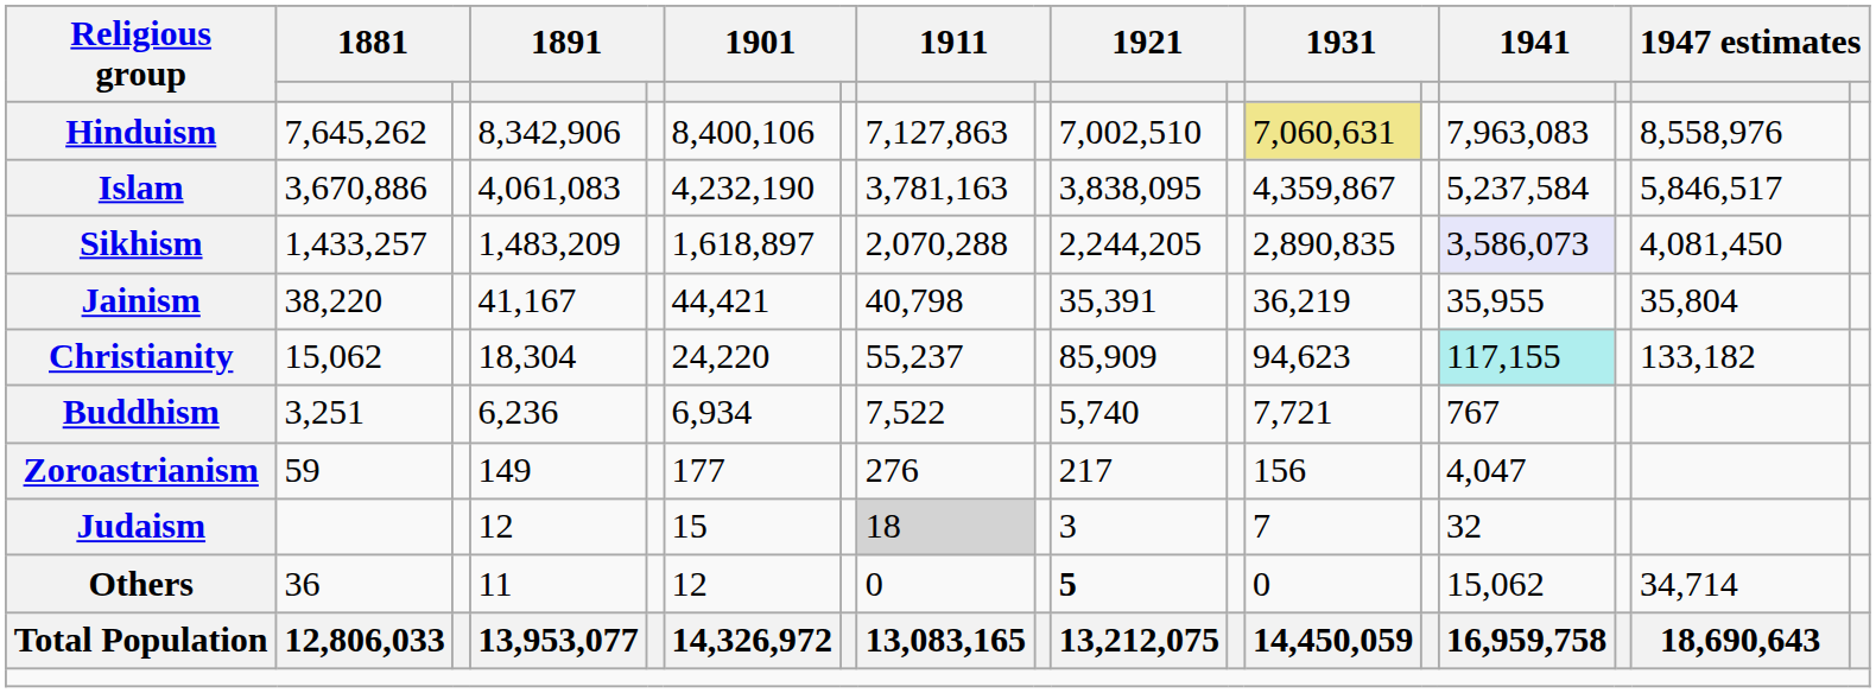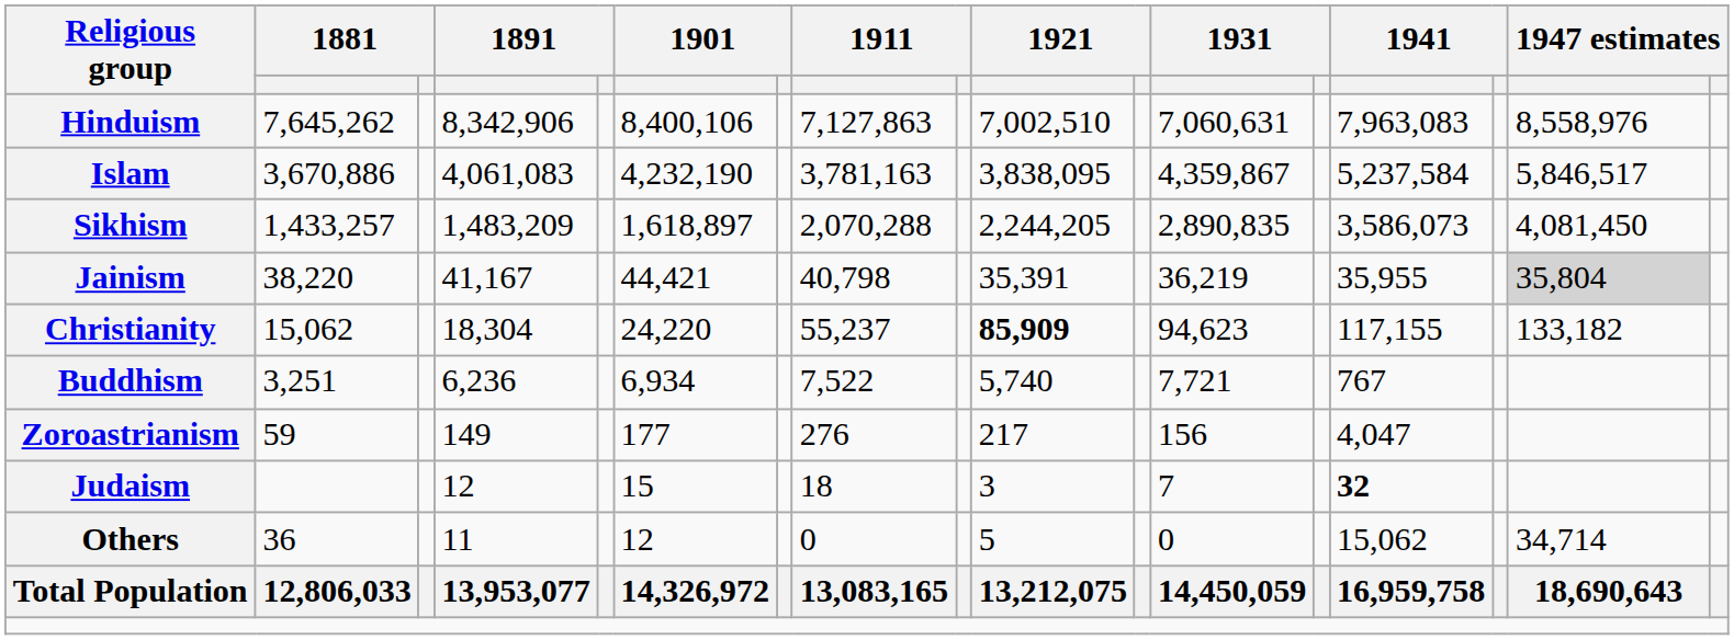 <table class="wikitable sortable">
 <tr>
 <th rowspan="2"><a href='#'>Religious</a><br>group</th>
 <th colspan="2">1881</th>
 <th colspan="2">1891</th>
 <th colspan="2">1901</th>
 <th colspan="2">1911</th>
 <th colspan="2">1921</th>
 <th colspan="2">1931</th>
 <th colspan="2">1941</th>
 <th colspan="2">1947 estimates</th>
 </tr>
 <tr>
 <th><a href='#'></a></th>
 <th></th>
 <th></th>
 <th></th>
 <th></th>
 <th></th>
 <th></th>
 <th></th>
 <th></th>
 <th></th>
 <th></th>
 <th></th>
 <th></th>
 <th></th>
 <th></th>
 <th></th>
 </tr>
 <tr>
 <th><a href='#'>Hinduism</a> </th>
 <td>7,645,262</td>
 <td></td>
 <td>8,342,906</td>
 <td></td>
 <td>8,400,106</td>
 <td></td>
 <td>7,127,863</td>
 <td></td>
 <td>7,002,510</td>
 <td></td>
-<td style="background: khaki;">7,060,631</td>
+<td>7,060,631</td>
 <td></td>
 <td>7,963,083</td>
 <td></td>
 <td>8,558,976</td>
 <td></td>
 </tr>
 <tr>
 <th><a href='#'>Islam</a> </th>
 <td>3,670,886</td>
 <td></td>
 <td>4,061,083</td>
 <td></td>
 <td>4,232,190</td>
 <td></td>
 <td>3,781,163</td>
 <td></td>
 <td>3,838,095</td>
 <td></td>
 <td>4,359,867</td>
 <td></td>
 <td>5,237,584</td>
 <td></td>
 <td>5,846,517</td>
 <td></td>
 </tr>
 <tr>
 <th><a href='#'>Sikhism</a> </th>
 <td>1,433,257</td>
 <td></td>
 <td>1,483,209</td>
 <td></td>
 <td>1,618,897</td>
 <td></td>
 <td>2,070,288</td>
 <td></td>
 <td>2,244,205</td>
 <td></td>
 <td>2,890,835</td>
 <td></td>
-<td style="background: lavender;">3,586,073</td>
+<td>3,586,073</td>
 <td></td>
 <td>4,081,450</td>
 <td></td>
 </tr>
 <tr>
 <th><a href='#'>Jainism</a> </th>
 <td>38,220</td>
 <td></td>
 <td>41,167</td>
 <td></td>
 <td>44,421</td>
 <td></td>
 <td>40,798</td>
 <td></td>
 <td>35,391</td>
 <td></td>
 <td>36,219</td>
 <td></td>
 <td>35,955</td>
 <td></td>
-<td>35,804</td>
+<td style="background: lightgrey;">35,804</td>
 <td></td>
 </tr>
 <tr>
 <th><a href='#'>Christianity</a> </th>
 <td>15,062</td>
 <td></td>
 <td>18,304</td>
 <td></td>
 <td>24,220</td>
 <td></td>
 <td>55,237</td>
 <td></td>
-<td>85,909</td>
+<td><strong>85,909</strong></td>
 <td></td>
 <td>94,623</td>
 <td></td>
-<td style="background: paleturquoise;">117,155</td>
+<td>117,155</td>
 <td></td>
 <td>133,182</td>
 <td></td>
 </tr>
 <tr>
 <th><a href='#'>Buddhism</a> </th>
 <td>3,251</td>
 <td></td>
 <td>6,236</td>
 <td></td>
 <td>6,934</td>
 <td></td>
 <td>7,522</td>
 <td></td>
 <td>5,740</td>
 <td></td>
 <td>7,721</td>
 <td></td>
 <td>767</td>
 <td></td>
 <td></td>
 <td></td>
 </tr>
 <tr>
 <th><a href='#'>Zoroastrianism</a> </th>
 <td>59</td>
 <td></td>
 <td>149</td>
 <td></td>
 <td>177</td>
 <td></td>
 <td>276</td>
 <td></td>
 <td>217</td>
 <td></td>
 <td>156</td>
 <td></td>
 <td>4,047</td>
 <td></td>
 <td></td>
 <td></td>
 </tr>
 <tr>
 <th><a href='#'>Judaism</a> </th>
 <td></td>
 <td></td>
 <td>12</td>
 <td></td>
 <td>15</td>
 <td></td>
-<td style="background: lightgrey;">18</td>
+<td>18</td>
 <td></td>
 <td>3</td>
 <td></td>
 <td>7</td>
 <td></td>
-<td>32</td>
+<td><strong>32</strong></td>
 <td></td>
 <td></td>
 <td></td>
 </tr>
 <tr>
 <th>Others</th>
 <td>36</td>
 <td></td>
 <td>11</td>
 <td></td>
 <td>12</td>
 <td></td>
 <td>0</td>
 <td></td>
-<td><strong>5</strong></td>
+<td>5</td>
 <td></td>
 <td>0</td>
 <td></td>
 <td>15,062</td>
 <td></td>
 <td>34,714</td>
 <td></td>
 </tr>
 <tr>
 <th>Total Population</th>
 <th>12,806,033</th>
 <th></th>
 <th>13,953,077</th>
 <th></th>
 <th>14,326,972</th>
 <th></th>
 <th>13,083,165</th>
 <th></th>
 <th>13,212,075</th>
 <th></th>
 <th>14,450,059</th>
 <th></th>
 <th>16,959,758</th>
 <th></th>
 <th>18,690,643</th>
 <th></th>
 </tr>
 <tr class="sortbottom">
 <td colspan="18"></td>
 </tr>
 </table>
